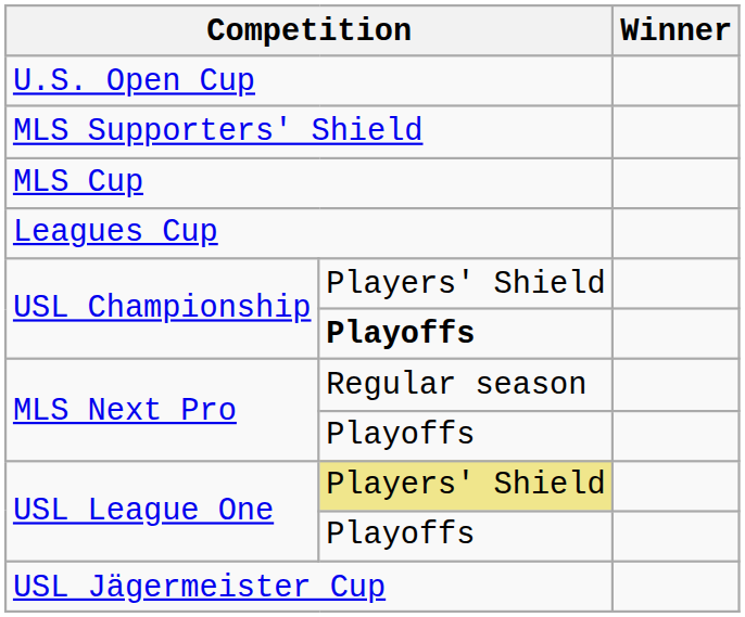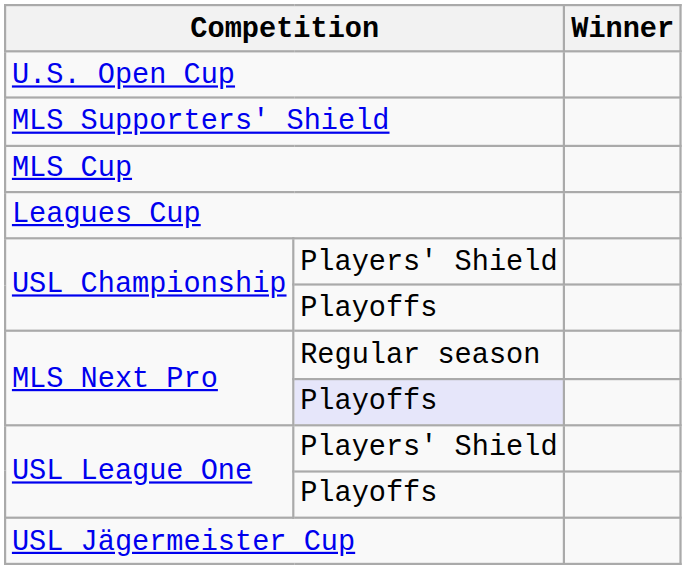 <table class="wikitable">
 <tr>
 <th colspan=2>Competition</th>
 <th>Winner</th>
 </tr>
 <tr>
 <td colspan=2><a href='#'>U.S. Open Cup</a></td>
 <td></td>
 </tr>
 <tr>
 <td colspan=2><a href='#'>MLS Supporters' Shield</a></td>
 <td></td>
 </tr>
 <tr>
 <td colspan=2><a href='#'>MLS Cup</a></td>
 <td></td>
 </tr>
 <tr>
 <td colspan=2><a href='#'>Leagues Cup</a></td>
 <td></td>
 </tr>
 <tr>
 <td rowspan=2><a href='#'>USL Championship</a></td>
 <td>Players' Shield</td>
 <td></td>
 </tr>
 <tr>
-<td><strong>Playoffs</strong></td>
+<td>Playoffs</td>
 <td></td>
 </tr>
 <tr>
 <td rowspan=2><a href='#'>MLS Next Pro</a></td>
 <td>Regular season</td>
 <td></td>
 </tr>
 <tr>
-<td>Playoffs</td>
+<td style="background: lavender;">Playoffs</td>
 <td></td>
 </tr>
 <tr>
 <td rowspan=2><a href='#'>USL League One</a></td>
-<td style="background: khaki;">Players' Shield</td>
+<td>Players' Shield</td>
 <td></td>
 </tr>
 <tr>
 <td>Playoffs</td>
 <td></td>
 </tr>
 <tr>
 <td colspan=2><a href='#'>USL Jägermeister Cup</a></td>
 <td></td>
 </tr>
 </table>
